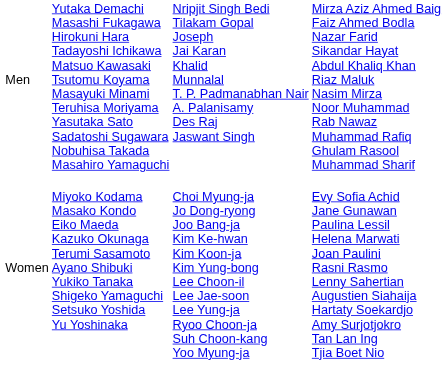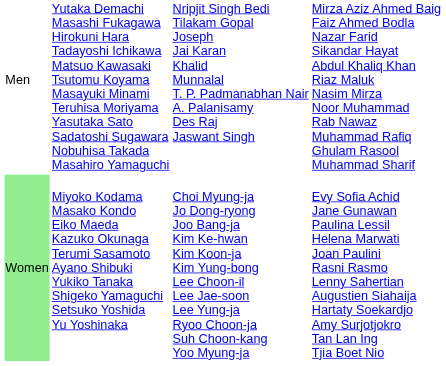 <table>
 <tr>
 <td>Men<br></td>
 <td><br><a href='#'>Yutaka Demachi</a><br><a href='#'>Masashi Fukagawa</a><br><a href='#'>Hirokuni Hara</a><br><a href='#'>Tadayoshi Ichikawa</a><br><a href='#'>Matsuo Kawasaki</a><br><a href='#'>Tsutomu Koyama</a><br><a href='#'>Masayuki Minami</a><br><a href='#'>Teruhisa Moriyama</a><br><a href='#'>Yasutaka Sato</a><br><a href='#'>Sadatoshi Sugawara</a><br><a href='#'>Nobuhisa Takada</a><br><a href='#'>Masahiro Yamaguchi</a></td>
 <td valign=top><br><a href='#'>Nripjit Singh Bedi</a><br><a href='#'>Tilakam Gopal</a><br><a href='#'>Joseph</a><br><a href='#'>Jai Karan</a><br><a href='#'>Khalid</a><br><a href='#'>Munnalal</a><br><a href='#'>T. P. Padmanabhan Nair</a><br><a href='#'>A. Palanisamy</a><br><a href='#'>Des Raj</a><br><a href='#'>Jaswant Singh</a></td>
 <td><br><a href='#'>Mirza Aziz Ahmed Baig</a><br><a href='#'>Faiz Ahmed Bodla</a><br><a href='#'>Nazar Farid</a><br><a href='#'>Sikandar Hayat</a><br><a href='#'>Abdul Khaliq Khan</a><br><a href='#'>Riaz Maluk</a><br><a href='#'>Nasim Mirza</a><br><a href='#'>Noor Muhammad</a><br><a href='#'>Rab Nawaz</a><br><a href='#'>Muhammad Rafiq</a><br><a href='#'>Ghulam Rasool</a><br><a href='#'>Muhammad Sharif</a></td>
 </tr>
 <tr>
-<td>Women<br></td>
+<td style="background: lightgreen;">Women<br></td>
 <td valign=top><br><a href='#'>Miyoko Kodama</a><br><a href='#'>Masako Kondo</a><br><a href='#'>Eiko Maeda</a><br><a href='#'>Kazuko Okunaga</a><br><a href='#'>Terumi Sasamoto</a><br><a href='#'>Ayano Shibuki</a><br><a href='#'>Yukiko Tanaka</a><br><a href='#'>Shigeko Yamaguchi</a><br><a href='#'>Setsuko Yoshida</a><br><a href='#'>Yu Yoshinaka</a></td>
 <td><br><a href='#'>Choi Myung-ja</a><br><a href='#'>Jo Dong-ryong</a><br><a href='#'>Joo Bang-ja</a><br><a href='#'>Kim Ke-hwan</a><br><a href='#'>Kim Koon-ja</a><br><a href='#'>Kim Yung-bong</a><br><a href='#'>Lee Choon-il</a><br><a href='#'>Lee Jae-soon</a><br><a href='#'>Lee Yung-ja</a><br><a href='#'>Ryoo Choon-ja</a><br><a href='#'>Suh Choon-kang</a><br><a href='#'>Yoo Myung-ja</a></td>
 <td><br><a href='#'>Evy Sofia Achid</a><br><a href='#'>Jane Gunawan</a><br><a href='#'>Paulina Lessil</a><br><a href='#'>Helena Marwati</a><br><a href='#'>Joan Paulini</a><br><a href='#'>Rasni Rasmo</a><br><a href='#'>Lenny Sahertian</a><br><a href='#'>Augustien Siahaija</a><br><a href='#'>Hartaty Soekardjo</a><br><a href='#'>Amy Surjotjokro</a><br><a href='#'>Tan Lan Ing</a><br><a href='#'>Tjia Boet Nio</a></td>
 </tr>
 </table>
